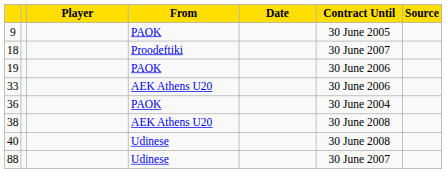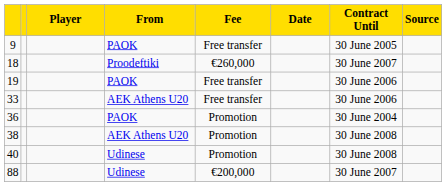 <table class="wikitable sortable">
 <tr>
 <th style="background:#FFDE00"></th>
 <th style="background:#FFDE00"></th>
 <th width=200 style="background:#FFDE00">Player</th>
 <th width=200 style="background:#FFDE00">From</th>
+<th width=150 style="background:#FFDE00">Fee</th>
 <th width=150 style="background:#FFDE00">Date</th>
 <th width=150 style="background:#FFDE00">Contract Until</th>
 <th style="background:#FFDE00">Source</th>
 </tr>
 <tr>
 <td align=center>9</td>
 <td align=center></td>
 <td></td>
 <td> <a href='#'>PAOK</a></td>
+<td align=center>Free transfer</td>
 <td align=center></td>
 <td align=center>30 June 2005</td>
 <td align=center></td>
 </tr>
 <tr>
 <td align=center>18</td>
 <td align=center></td>
 <td></td>
 <td> <a href='#'>Proodeftiki</a></td>
+<td align=center>€260,000</td>
 <td align=center></td>
 <td align=center>30 June 2007</td>
 <td align=center></td>
 </tr>
 <tr>
 <td align=center>19</td>
 <td align=center></td>
 <td></td>
 <td> <a href='#'>PAOK</a></td>
+<td align=center>Free transfer</td>
 <td align=center></td>
 <td align=center>30 June 2006</td>
 <td align=center></td>
 </tr>
 <tr>
 <td align=center>33</td>
 <td align=center></td>
 <td></td>
 <td> <a href='#'>AEK Athens U20</a></td>
+<td align=center>Free transfer</td>
 <td align=center></td>
 <td align=center>30 June 2006</td>
 <td align=center></td>
 </tr>
 <tr>
 <td align=center>36</td>
 <td align=center></td>
 <td></td>
 <td> <a href='#'>PAOK</a></td>
+<td align=center>Promotion</td>
 <td align=center></td>
 <td align=center>30 June 2004</td>
 <td align=center></td>
 </tr>
 <tr>
 <td align=center>38</td>
 <td align=center></td>
 <td></td>
 <td> <a href='#'>AEK Athens U20</a></td>
+<td align=center>Promotion</td>
 <td align=center></td>
 <td align=center>30 June 2008</td>
 <td align=center></td>
 </tr>
 <tr>
 <td align=center>40</td>
 <td align=center></td>
 <td></td>
 <td> <a href='#'>Udinese</a></td>
+<td align=center>Promotion</td>
 <td align=center></td>
 <td align=center>30 June 2008</td>
 <td align=center></td>
 </tr>
 <tr>
 <td align=center>88</td>
 <td align=center></td>
 <td></td>
 <td> <a href='#'>Udinese</a></td>
+<td align=center>€200,000</td>
 <td align=center></td>
 <td align=center>30 June 2007</td>
 <td align=center></td>
 </tr>
 </table>
